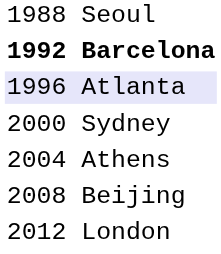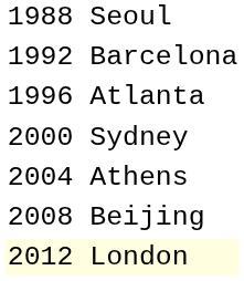 <table>
 <tr>
 <td>1988 Seoul <br></td>
 <td></td>
 <td></td>
 <td></td>
 </tr>
 <tr>
-<td><strong>1992 Barcelona<br></strong></td>
+<td>1992 Barcelona<br></td>
 <td></td>
 <td></td>
 <td></td>
 </tr>
 <tr>
-<td style="background: lavender;">1996 Atlanta<br></td>
+<td>1996 Atlanta<br></td>
 <td></td>
 <td></td>
 <td></td>
 </tr>
 <tr>
 <td>2000 Sydney<br></td>
 <td></td>
 <td></td>
 <td></td>
 </tr>
 <tr>
 <td>2004 Athens<br></td>
 <td></td>
 <td></td>
 <td></td>
 </tr>
 <tr>
 <td>2008 Beijing<br></td>
 <td></td>
 <td></td>
 <td></td>
 </tr>
 <tr>
-<td>2012 London<br></td>
+<td style="background: lightyellow;">2012 London<br></td>
 <td></td>
 <td></td>
 <td></td>
 </tr>
 <tr>
 </tr>
 </table>
